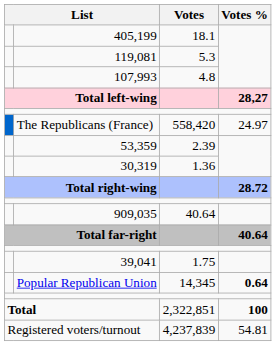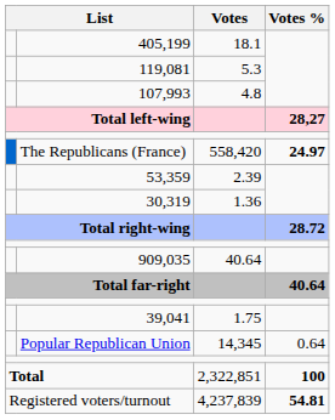 <table class=wikitable style=text-align:right>
 <tr>
 <th colspan=2>List</th>
 <th>Votes</th>
 <th>Votes %</th>
 </tr>
 <tr>
 <td></td>
 <td>405,199</td>
 <td>18.1</td>
 </tr>
 <tr>
 <td></td>
 <td>119,081</td>
 <td>5.3</td>
 </tr>
 <tr>
 <td></td>
 <td>107,993</td>
 <td>4.8</td>
 </tr>
 <tr style="background:#ffd1dc;">
 <td colspan="2"><strong>Total left-wing</strong></td>
 <td style="text-align:right; "><strong></strong></td>
 <td style="text-align:right; "><strong>28,27</strong></td>
 </tr>
 <tr>
 <td colspan=7></td>
 </tr>
 <tr>
 <td style="background:#06c;"> </td>
 <td align=left>The Republicans (France)</td>
 <td>558,420</td>
-<td>24.97</td>
+<td><strong>24.97</strong></td>
 </tr>
 <tr>
 <td></td>
 <td>53,359</td>
 <td>2.39</td>
 </tr>
 <tr>
 <td></td>
 <td>30,319</td>
 <td>1.36</td>
 </tr>
 <tr style="background:#adc1fd;">
 <td colspan="2"><strong>Total right-wing</strong></td>
 <td style="text-align:right; "><strong></strong></td>
 <td style="text-align:right; "><strong>28.72</strong></td>
 </tr>
 <tr>
 <td colspan=7></td>
 </tr>
 <tr>
 <td></td>
 <td>909,035</td>
 <td>40.64</td>
 </tr>
 <tr style="background:silver;">
 <td colspan="2"><strong>Total far-right</strong></td>
 <td style="text-align:right; "><strong></strong></td>
 <td style="text-align:right; "><strong>40.64</strong></td>
 </tr>
 <tr>
 <td colspan=7></td>
 </tr>
 <tr>
 <td></td>
 <td>39,041</td>
 <td>1.75</td>
 </tr>
 <tr>
 <td></td>
 <td align=left><a href='#'>Popular Republican Union</a></td>
 <td>14,345</td>
-<td><strong>0.64</strong></td>
+<td>0.64</td>
 </tr>
 <tr>
 <td colspan=4></td>
 </tr>
 <tr>
 <td colspan="2" style="text-align:left;"><strong>Total</strong></td>
 <td>2,322,851</td>
 <td><strong>100</strong></td>
 </tr>
 <tr>
 <td colspan="2" style="text-align:left;">Registered voters/turnout</td>
 <td>4,237,839</td>
-<td>54.81</td>
+<td><strong>54.81</strong></td>
 </tr>
 </table>
